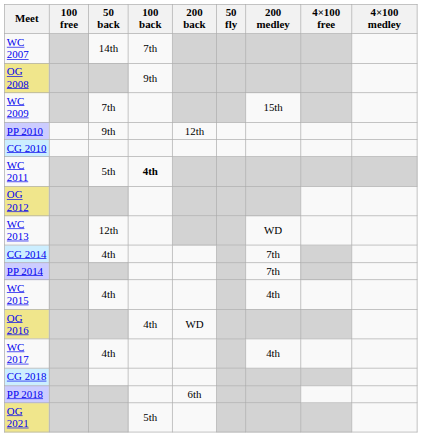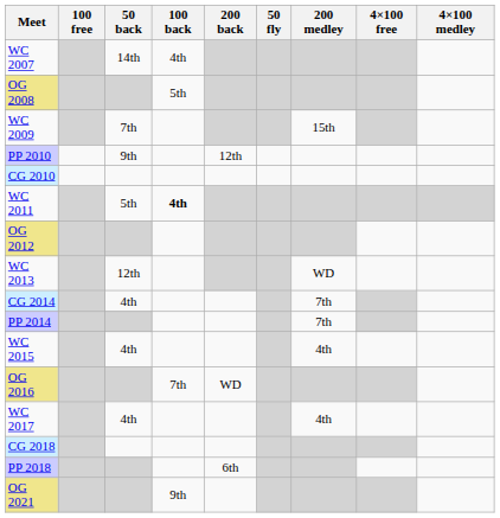 <table class="sortable wikitable">
 <tr>
 <th>Meet</th>
 <th class="unsortable">100 free</th>
 <th class="unsortable">50 back</th>
 <th class="unsortable">100 back</th>
 <th class="unsortable">200 back</th>
 <th class="unsortable">50 fly</th>
 <th class="unsortable">200 medley</th>
 <th class="unsortable">4×100 free</th>
 <th class="unsortable">4×100 medley</th>
 </tr>
 <tr>
 <td><a href='#'>WC 2007</a></td>
 <td style="background:#d3d3d3"></td>
 <td align="center">14th</td>
-<td align="center">7th</td>
+<td align="center">4th</td>
 <td style="background:#d3d3d3"></td>
 <td style="background:#d3d3d3"></td>
 <td style="background:#d3d3d3"></td>
 <td style="background:#d3d3d3"></td>
 <td align="center"></td>
 </tr>
 <tr>
 <td style="background:#f0e68c"><a href='#'>OG 2008</a></td>
 <td style="background:#d3d3d3"></td>
 <td style="background:#d3d3d3"></td>
-<td align="center">9th</td>
+<td align="center">5th</td>
 <td style="background:#d3d3d3"></td>
 <td style="background:#d3d3d3"></td>
 <td style="background:#d3d3d3"></td>
 <td style="background:#d3d3d3"></td>
 <td align="center"></td>
 </tr>
 <tr>
 <td><a href='#'>WC 2009</a></td>
 <td style="background:#d3d3d3"></td>
 <td align="center">7th</td>
 <td align="center"></td>
 <td style="background:#d3d3d3"></td>
 <td style="background:#d3d3d3"></td>
 <td align="center">15th</td>
 <td style="background:#d3d3d3"></td>
 <td align="center"></td>
 </tr>
 <tr>
 <td style="background:#ccccff"><a href='#'>PP 2010</a></td>
 <td align="center"></td>
 <td align="center">9th</td>
 <td align="center"></td>
 <td align="center">12th</td>
 <td align="center"></td>
 <td align="center"></td>
 <td align="center"></td>
 <td align="center"></td>
 </tr>
 <tr>
 <td style="background:#cceeff"><a href='#'>CG 2010</a></td>
 <td align="center"></td>
 <td align="center"></td>
 <td align="center"></td>
 <td align="center"></td>
 <td align="center"></td>
 <td align="center"></td>
 <td align="center"></td>
 <td align="center"></td>
 </tr>
 <tr>
 <td><a href='#'>WC 2011</a></td>
 <td style="background:#d3d3d3"></td>
 <td align="center">5th</td>
 <td align="center"><strong>4th</strong></td>
 <td style="background:#d3d3d3"></td>
 <td style="background:#d3d3d3"></td>
 <td style="background:#d3d3d3"></td>
 <td style="background:#d3d3d3"></td>
 <td style="background:#d3d3d3"></td>
 </tr>
 <tr>
 <td style="background:#f0e68c"><a href='#'>OG 2012</a></td>
 <td style="background:#d3d3d3"></td>
 <td style="background:#d3d3d3"></td>
 <td align="center"></td>
 <td style="background:#d3d3d3"></td>
 <td style="background:#d3d3d3"></td>
 <td style="background:#d3d3d3"></td>
 <td align="center"></td>
 <td align="center"></td>
 </tr>
 <tr>
 <td><a href='#'>WC 2013</a></td>
 <td style="background:#d3d3d3"></td>
 <td align="center">12th</td>
 <td align="center"></td>
 <td style="background:#d3d3d3"></td>
 <td style="background:#d3d3d3"></td>
 <td align="center">WD</td>
 <td align="center"></td>
 <td align="center"></td>
 </tr>
 <tr>
 <td style="background:#cceeff"><a href='#'>CG 2014</a></td>
 <td style="background:#d3d3d3"></td>
 <td align="center">4th</td>
 <td align="center"></td>
 <td align="center"></td>
 <td style="background:#d3d3d3"></td>
 <td align="center">7th</td>
 <td style="background:#d3d3d3"></td>
 <td align="center"></td>
 </tr>
 <tr>
 <td style="background:#ccccff"><a href='#'>PP 2014</a></td>
 <td style="background:#d3d3d3"></td>
 <td style="background:#d3d3d3"></td>
 <td align="center"></td>
 <td align="center"></td>
 <td style="background:#d3d3d3"></td>
 <td align="center">7th</td>
 <td style="background:#d3d3d3"></td>
 <td align="center"></td>
 </tr>
 <tr>
 <td><a href='#'>WC 2015</a></td>
 <td style="background:#d3d3d3"></td>
 <td align="center">4th</td>
 <td align="center"></td>
 <td align="center"></td>
 <td style="background:#d3d3d3"></td>
 <td align="center">4th</td>
 <td align="center"></td>
 <td align="center"></td>
 </tr>
 <tr>
 <td style="background:#f0e68c"><a href='#'>OG 2016</a></td>
 <td style="background:#d3d3d3"></td>
 <td style="background:#d3d3d3"></td>
-<td align="center">4th</td>
+<td align="center">7th</td>
 <td align="center">WD</td>
 <td style="background:#d3d3d3"></td>
 <td style="background:#d3d3d3"></td>
 <td style="background:#d3d3d3"></td>
 <td align="center"></td>
 </tr>
 <tr>
 <td><a href='#'>WC 2017</a></td>
 <td style="background:#d3d3d3"></td>
 <td align="center">4th</td>
 <td align="center"></td>
 <td align="center"></td>
 <td style="background:#d3d3d3"></td>
 <td align="center">4th</td>
 <td align="center"></td>
 <td align="center"></td>
 </tr>
 <tr>
 <td style="background:#cceeff"><a href='#'>CG 2018</a></td>
 <td style="background:#d3d3d3"></td>
 <td align="center"></td>
 <td align="center"></td>
 <td align="center"></td>
 <td style="background:#d3d3d3"></td>
 <td style="background:#d3d3d3"></td>
 <td style="background:#d3d3d3"></td>
 <td align="center"></td>
 </tr>
 <tr>
 <td style="background:#ccccff"><a href='#'>PP 2018</a></td>
 <td style="background:#d3d3d3"></td>
 <td style="background:#d3d3d3"></td>
 <td align="center"></td>
 <td align="center">6th</td>
 <td style="background:#d3d3d3"></td>
 <td style="background:#d3d3d3"></td>
 <td align="center"></td>
 <td align="center"></td>
 </tr>
 <tr>
 <td style="background:#f0e68c"><a href='#'>OG 2021</a></td>
 <td style="background:#d3d3d3"></td>
 <td style="background:#d3d3d3"></td>
-<td align="center">5th</td>
+<td align="center">9th</td>
 <td align="center"></td>
 <td style="background:#d3d3d3"></td>
 <td style="background:#d3d3d3"></td>
 <td style="background:#d3d3d3"></td>
 <td align="center"></td>
 </tr>
 </table>
